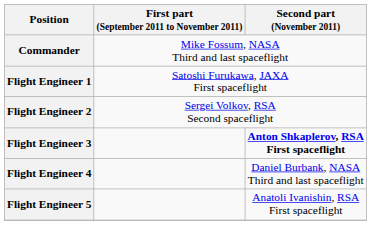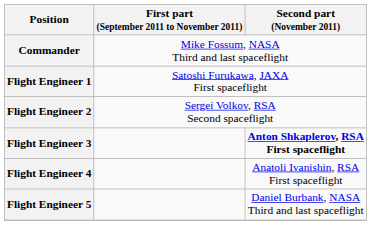 <table class="wikitable">
 <tr>
 <th>Position</th>
 <th>First part<br><small>(September 2011 to November 2011)</small></th>
 <th>Second part<br><small>(November 2011)</small></th>
 </tr>
 <tr>
 <th>Commander</th>
 <td colspan=2 align=center> <a href='#'>Mike Fossum</a>, <a href='#'>NASA</a><br>Third and last spaceflight</td>
 </tr>
 <tr>
 <th>Flight Engineer 1</th>
 <td colspan=2 align=center> <a href='#'>Satoshi Furukawa</a>, <a href='#'>JAXA</a><br>First spaceflight</td>
 </tr>
 <tr>
 <th>Flight Engineer 2</th>
 <td colspan=2 align=center> <a href='#'>Sergei Volkov</a>, <a href='#'>RSA</a><br>Second spaceflight</td>
 </tr>
 <tr>
 <th>Flight Engineer 3</th>
 <td></td>
 <td colspan=1 align=center><strong> <a href='#'>Anton Shkaplerov</a>, <a href='#'>RSA</a><br>First spaceflight</strong></td>
 </tr>
 <tr>
 <th>Flight Engineer 4</th>
 <td></td>
-<td colspan=1 align=center> <a href='#'>Daniel Burbank</a>, <a href='#'>NASA</a><br>Third and last spaceflight</td>
+<td colspan=1 align=center> <a href='#'>Anatoli Ivanishin</a>, <a href='#'>RSA</a><br>First spaceflight</td>
 </tr>
 <tr>
 <th>Flight Engineer 5</th>
 <td></td>
-<td colspan=1 align=center> <a href='#'>Anatoli Ivanishin</a>, <a href='#'>RSA</a><br>First spaceflight</td>
+<td colspan=1 align=center> <a href='#'>Daniel Burbank</a>, <a href='#'>NASA</a><br>Third and last spaceflight</td>
 </tr>
 <tr>
 </tr>
 </table>
